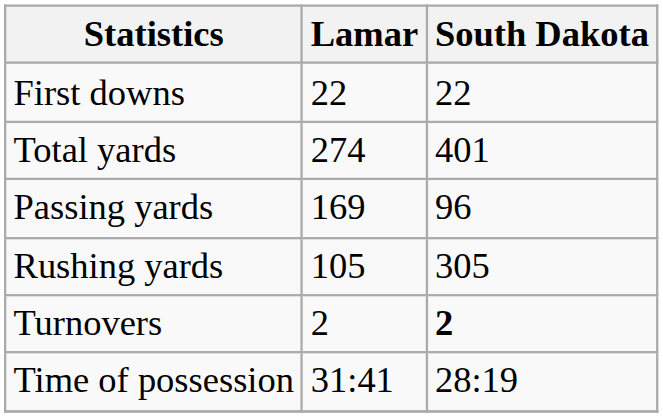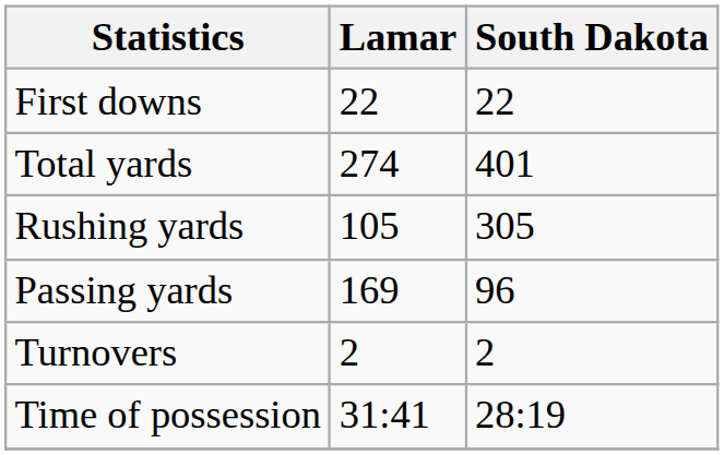 <table class="wikitable" style="float: left;">
 <tr>
 <th>Statistics</th>
 <th><strong>Lamar</strong></th>
 <th><strong>South Dakota</strong></th>
 </tr>
 <tr>
 <td>First downs</td>
 <td>22</td>
 <td>22</td>
 </tr>
 <tr>
 <td>Total yards</td>
 <td>274</td>
 <td>401</td>
 </tr>
 <tr>
+<td>Rushing yards</td>
+<td>105</td>
+<td>305</td>
+</tr>
+<tr>
 <td>Passing yards</td>
 <td>169</td>
 <td>96</td>
 </tr>
 <tr>
-<td>Rushing yards</td>
-<td>105</td>
-<td>305</td>
-</tr>
-<tr>
 <td>Turnovers</td>
 <td>2</td>
-<td><strong>2</strong></td>
+<td>2</td>
 </tr>
 <tr>
 <td>Time of possession</td>
 <td>31:41</td>
 <td>28:19</td>
 </tr>
 <tr>
 </tr>
 </table>
